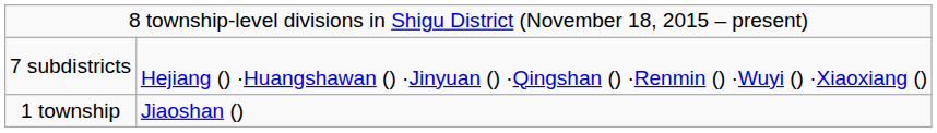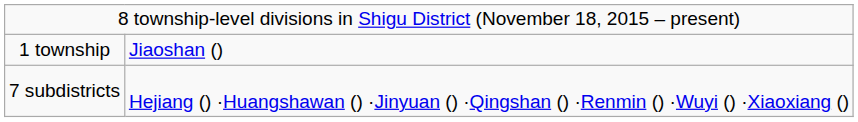 <table class="wikitable">
 <tr>
 <td style="text-align:center;" colspan="2">8 township-level divisions in <a href='#'>Shigu District</a> (November 18, 2015 – present)</td>
 </tr>
 <tr align=left>
+<td align=center>1 township</td>
+<td><a href='#'>Jiaoshan</a> ()</td>
+</tr>
+<tr align=left>
 <td align=center>7 subdistricts</td>
 <td><br><a href='#'>Hejiang</a> () ·<a href='#'>Huangshawan</a> () ·<a href='#'>Jinyuan</a> () ·<a href='#'>Qingshan</a> () ·<a href='#'>Renmin</a> () ·<a href='#'>Wuyi</a> () ·<a href='#'>Xiaoxiang</a> ()</td>
 </tr>
-<tr align=left>
-<td align=center>1 township</td>
-<td><a href='#'>Jiaoshan</a> ()</td>
-</tr>
 </table>
